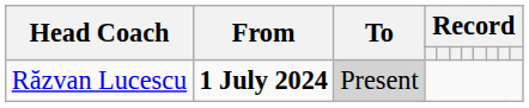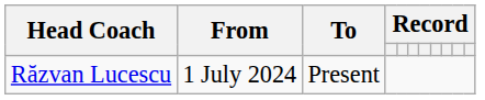 <table class="wikitable" style="text-align: left">
 <tr>
 <th rowspan=2>Head Coach</th>
 <th rowspan=2>From</th>
 <th rowspan=2>To</th>
 <th colspan=8>Record</th>
 </tr>
 <tr>
 <th></th>
 <th></th>
 <th></th>
 <th></th>
 <th></th>
 <th></th>
 <th></th>
 <th></th>
 </tr>
 <tr>
 <td> <a href='#'>Răzvan Lucescu</a></td>
-<td><strong>1 July 2024</strong></td>
-<td style="background: lightgrey;">Present<br></td>
+<td>1 July 2024</td>
+<td>Present<br></td>
 </tr>
 </table>
